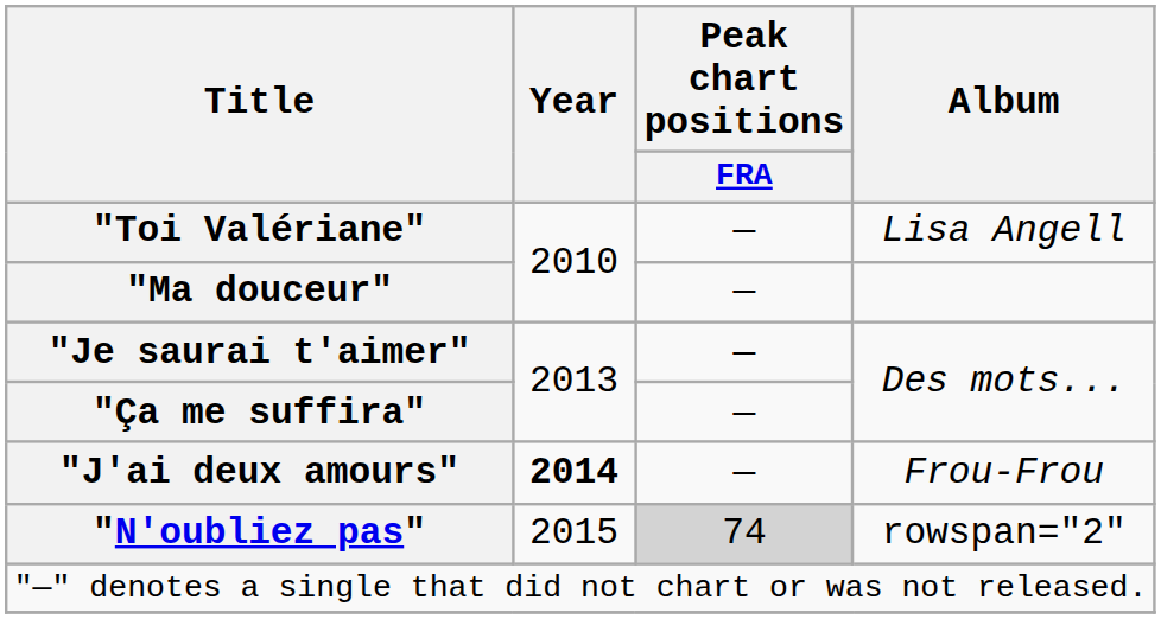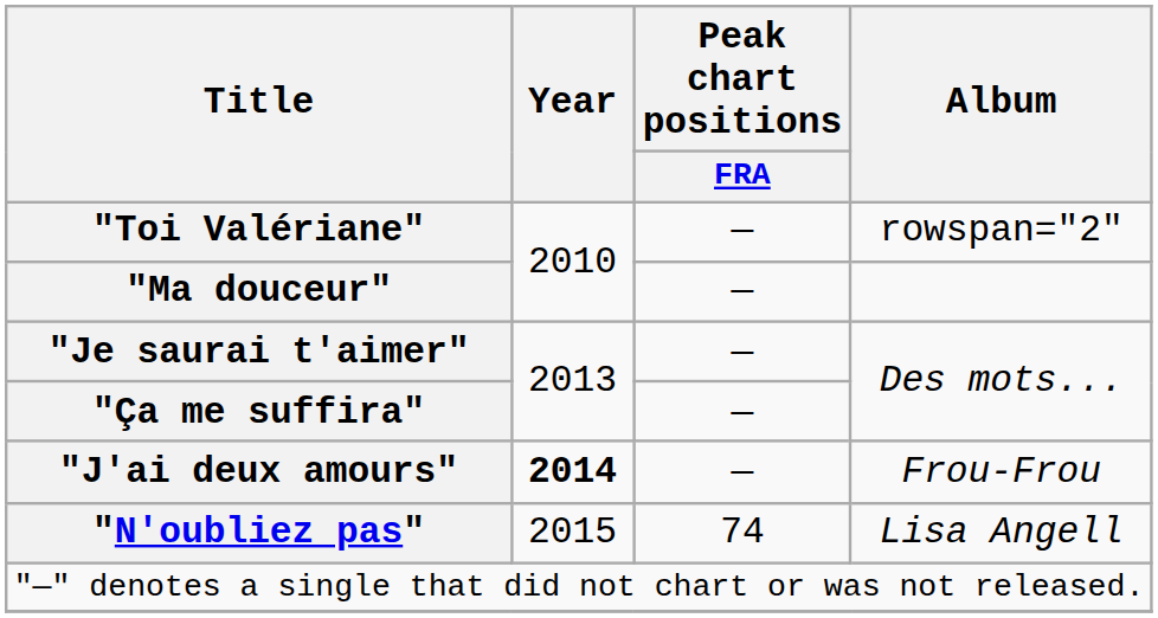 <table class="wikitable plainrowheaders" style="text-align:center;">
 <tr>
 <th scope="col" rowspan="2">Title</th>
 <th scope="col" rowspan="2">Year</th>
 <th scope="col" colspan="1">Peak chart positions</th>
 <th scope="col" rowspan="2">Album</th>
 </tr>
 <tr>
 <th scope="col" style="width:3em;font-size:85%;"><a href='#'>FRA</a><br></th>
 </tr>
 <tr>
 <th scope="row">"Toi Valériane"</th>
 <td rowspan="2">2010</td>
 <td>—</td>
-<td><em>Lisa Angell</em></td>
+<td>rowspan="2" </td>
 </tr>
 <tr>
 <th scope="row">"Ma douceur"</th>
 <td>—</td>
 </tr>
 <tr>
 <th scope="row">"Je saurai t'aimer"</th>
 <td rowspan="2">2013</td>
 <td>—</td>
 <td rowspan="2"><em>Des mots...</em></td>
 </tr>
 <tr>
 <th scope="row">"Ça me suffira"</th>
 <td>—</td>
 </tr>
 <tr>
 <th scope="row">"J'ai deux amours"</th>
 <td><strong>2014</strong></td>
 <td>—</td>
 <td><em>Frou-Frou</em></td>
 </tr>
 <tr>
 <th scope="row">"<a href='#'>N'oubliez pas</a>"</th>
 <td>2015</td>
-<td style="background: lightgrey;">74</td>
-<td>rowspan="2" </td>
+<td>74</td>
+<td><em>Lisa Angell</em></td>
 </tr>
 <tr>
 <td colspan="13" style="font-size:85%">"—" denotes a single that did not chart or was not released.</td>
 </tr>
 <tr>
 </tr>
 </table>
